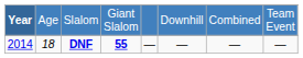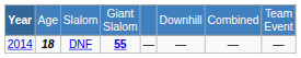 <table class="wikitable" style="font-size:95%; text-align:center; border:grey solid 1px; border-collapse:collapse;" width="40%">
 <tr style="background-color:#369; color:white;">
 <td rowspan="2" colspan="1" width="4%"><strong>Year</strong></td>
 </tr>
 <tr style="background-color:#4180be; color:white;">
 <td width="3%">Age</td>
 <td width="5%">Slalom</td>
 <td width="5%">Giant<br>Slalom</td>
 <td width="5%"></td>
 <td width="5%">Downhill</td>
 <td width="5%">Combined</td>
 <td width="5%">Team Event</td>
 </tr>
 <tr style="background-color:#8CB2D8; color:white;">
 </tr>
 <tr>
 <td><a href='#'>2014</a></td>
-<td><em>18</em></td>
-<td><strong><a href='#'>DNF</a></strong></td>
+<td><strong><em>18</em></strong></td>
+<td><a href='#'>DNF</a></td>
 <td><strong><a href='#'>55</a></strong></td>
 <td>—</td>
 <td>—</td>
 <td>—</td>
 <td>—</td>
 </tr>
 </table>
